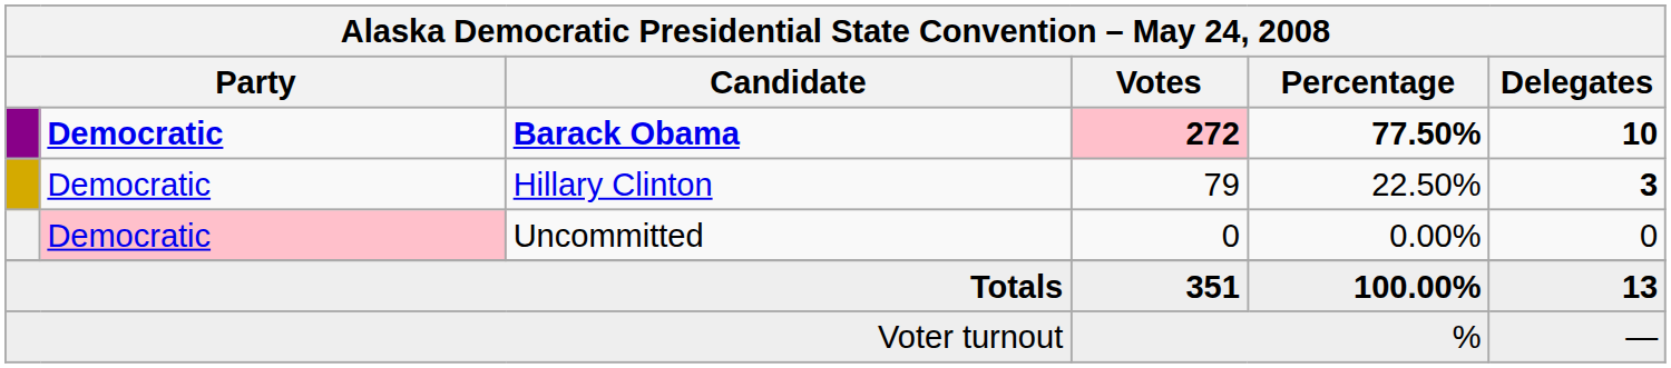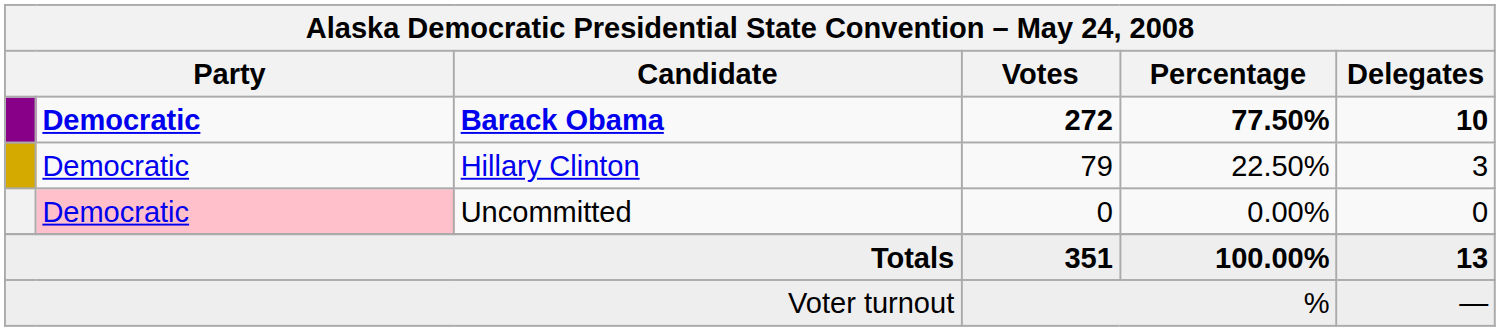 <table class="wikitable" style="font-size:95%;">
 <tr>
 <th colspan="7">Alaska Democratic Presidential State Convention – May 24, 2008</th>
 </tr>
 <tr>
 <th colspan="2" style="width: 15em">Party</th>
 <th style="width: 17em">Candidate</th>
 <th style="width: 5em">Votes</th>
 <th style="width: 7em">Percentage</th>
 <th style="width: 5em">Delegates</th>
 </tr>
 <tr>
 <th style="background-color:#880088; width: 3px"></th>
 <td style="width: 130px"><strong><a href='#'>Democratic</a></strong></td>
 <td><strong><a href='#'>Barack Obama</a></strong></td>
-<td align="right" style="background: pink;"><strong>272</strong></td>
+<td align="right"><strong>272</strong></td>
 <td align="right"><strong>77.50%</strong></td>
 <td align="right"><strong>10</strong></td>
 </tr>
 <tr>
 <th style="background-color:#D4AA00; width: 3px"></th>
 <td style="width: 130px"><a href='#'>Democratic</a></td>
 <td><a href='#'>Hillary Clinton</a></td>
 <td align="right">79</td>
 <td align="right">22.50%</td>
-<td align="right"><strong>3</strong></td>
+<td align="right">3</td>
 </tr>
 <tr>
 <th></th>
 <td style="background: pink; width: 130px"><a href='#'>Democratic</a></td>
 <td>Uncommitted</td>
 <td align="right">0</td>
 <td align="right">0.00%</td>
 <td align="right">0</td>
 </tr>
 <tr>
 </tr>
 <tr bgcolor="#EEEEEE">
 <td colspan="3" align="right"><strong>Totals</strong></td>
 <td align="right"><strong>351</strong></td>
 <td align="right"><strong>100.00%</strong></td>
 <td align="right"><strong>13</strong></td>
 </tr>
 <tr bgcolor="#EEEEEE">
 <td colspan="3" align="right">Voter turnout</td>
 <td colspan="2" align="right">%</td>
 <td align="right">—</td>
 </tr>
 </table>
